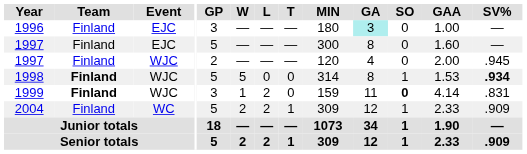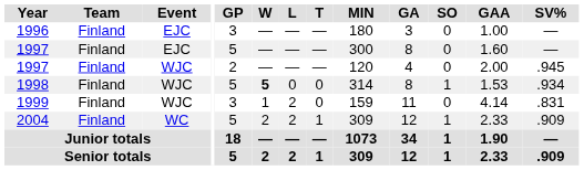 <table border="0" cellpadding="1" cellspacing="0" ID="Table3" style="text-align:center; width:40em">
 <tr ALIGN="center" bgcolor="#e0e0e0">
 <th>Year</th>
 <th>Team</th>
 <th>Event</th>
 <th rowspan="99" bgcolor="#ffffff"></th>
 <th>GP</th>
 <th>W</th>
 <th>L</th>
 <th>T</th>
 <th>MIN</th>
 <th>GA</th>
 <th>SO</th>
 <th>GAA</th>
 <th>SV%</th>
 </tr>
 <tr>
 <td><a href='#'>1996</a></td>
 <td><a href='#'>Finland</a></td>
 <td><a href='#'>EJC</a></td>
 <td>3</td>
 <td>—</td>
 <td>—</td>
 <td>—</td>
 <td>180</td>
-<td style="background: paleturquoise;">3</td>
+<td>3</td>
 <td>0</td>
 <td>1.00</td>
 <td>—</td>
 </tr>
 <tr bgcolor="#f0f0f0">
 <td><a href='#'>1997</a></td>
 <td>Finland</td>
 <td>EJC</td>
 <td>5</td>
 <td>—</td>
 <td>—</td>
 <td>—</td>
 <td>300</td>
 <td>8</td>
 <td>0</td>
 <td>1.60</td>
 <td>—</td>
 </tr>
 <tr>
 <td><a href='#'>1997</a></td>
 <td><a href='#'>Finland</a></td>
 <td><a href='#'>WJC</a></td>
 <td>2</td>
 <td>—</td>
 <td>—</td>
 <td>—</td>
 <td>120</td>
 <td>4</td>
 <td>0</td>
 <td>2.00</td>
 <td>.945</td>
 </tr>
 <tr bgcolor="#f0f0f0">
 <td><a href='#'>1998</a></td>
-<td><strong>Finland</strong></td>
+<td>Finland</td>
 <td>WJC</td>
 <td>5</td>
-<td>5</td>
+<td><strong>5</strong></td>
 <td>0</td>
 <td>0</td>
 <td>314</td>
 <td>8</td>
 <td>1</td>
 <td>1.53</td>
-<td><strong>.934</strong></td>
+<td>.934</td>
 </tr>
 <tr>
 <td><a href='#'>1999</a></td>
-<td><strong>Finland</strong></td>
+<td>Finland</td>
 <td>WJC</td>
 <td>3</td>
 <td>1</td>
 <td>2</td>
 <td>0</td>
 <td>159</td>
 <td>11</td>
-<td><strong>0</strong></td>
+<td>0</td>
 <td>4.14</td>
 <td>.831</td>
 </tr>
 <tr bgcolor="#f0f0f0">
 <td><a href='#'>2004</a></td>
 <td><a href='#'>Finland</a></td>
 <td><a href='#'>WC</a></td>
 <td>5</td>
 <td>2</td>
 <td>2</td>
 <td>1</td>
 <td>309</td>
 <td>12</td>
 <td>1</td>
 <td>2.33</td>
 <td>.909</td>
 </tr>
 <tr bgcolor="#e0e0e0">
 <th colspan=3>Junior totals</th>
 <th>18</th>
 <th>—</th>
 <th>—</th>
 <th>—</th>
 <th>1073</th>
 <th>34</th>
 <th>1</th>
 <th>1.90</th>
 <th>—</th>
 </tr>
 <tr bgcolor="#e0e0e0">
 <th colspan=3>Senior totals</th>
 <th>5</th>
 <th>2</th>
 <th>2</th>
 <th>1</th>
 <th>309</th>
 <th>12</th>
 <th>1</th>
 <th>2.33</th>
 <th>.909</th>
 </tr>
 </table>
